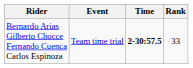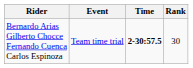 <table class="wikitable" border="1" style="font-size:90%">
 <tr>
 <th>Rider</th>
 <th>Event</th>
 <th>Time</th>
 <th>Rank</th>
 </tr>
 <tr align=center>
 <td align=left><a href='#'>Bernardo Arias</a><br><a href='#'>Gilberto Chocce</a><br><a href='#'>Fernando Cuenca</a><br>Carlos Espinoza</td>
 <td align=left><a href='#'>Team time trial</a></td>
 <td><strong>2-30:57.5</strong></td>
-<td>33</td>
+<td>30</td>
 </tr>
 </table>
